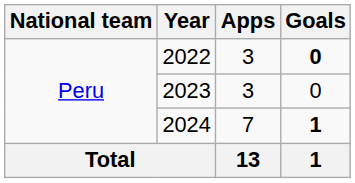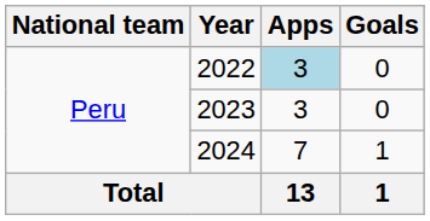 <table class="wikitable" style="text-align:center">
 <tr>
 <th>National team</th>
 <th>Year</th>
 <th>Apps</th>
 <th>Goals</th>
 </tr>
 <tr>
 <td rowspan="3"><a href='#'>Peru</a></td>
 <td>2022</td>
-<td>3</td>
-<td><strong>0</strong></td>
+<td style="background: lightblue;">3</td>
+<td>0</td>
 </tr>
 <tr>
 <td>2023</td>
 <td>3</td>
 <td>0</td>
 </tr>
 <tr>
 <td>2024</td>
 <td>7</td>
-<td><strong>1</strong></td>
+<td>1</td>
 </tr>
 <tr>
 <th colspan="2">Total</th>
 <th>13</th>
 <th>1</th>
 </tr>
 </table>
